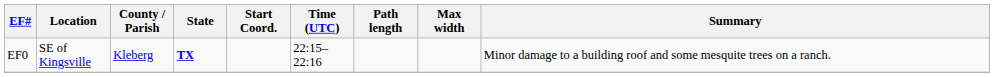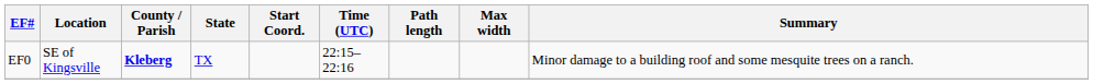 <table class="wikitable sortable" style="width:100%;">
 <tr>
 <th scope="col" width="3%" align="center"><a href='#'>EF#</a></th>
 <th scope="col" width="7%" align="center" class="unsortable">Location</th>
 <th scope="col" width="6%" align="center" class="unsortable">County / Parish</th>
 <th scope="col" width="5%" align="center">State</th>
 <th scope="col" width="6%" align="center">Start Coord.</th>
 <th scope="col" width="6%" align="center">Time (<a href='#'>UTC</a>)</th>
 <th scope="col" width="6%" align="center">Path length</th>
 <th scope="col" width="6%" align="center">Max width</th>
 <th scope="col" width="48%" class="unsortable" align="center">Summary</th>
 </tr>
 <tr>
 <td>EF0</td>
 <td>SE of <a href='#'>Kingsville</a></td>
-<td><a href='#'>Kleberg</a></td>
-<td><strong><a href='#'>TX</a></strong></td>
+<td><strong><a href='#'>Kleberg</a></strong></td>
+<td><a href='#'>TX</a></td>
 <td></td>
 <td>22:15–22:16</td>
 <td></td>
 <td></td>
 <td>Minor damage to a building roof and some mesquite trees on a ranch.</td>
 </tr>
 <tr>
 </tr>
 </table>
